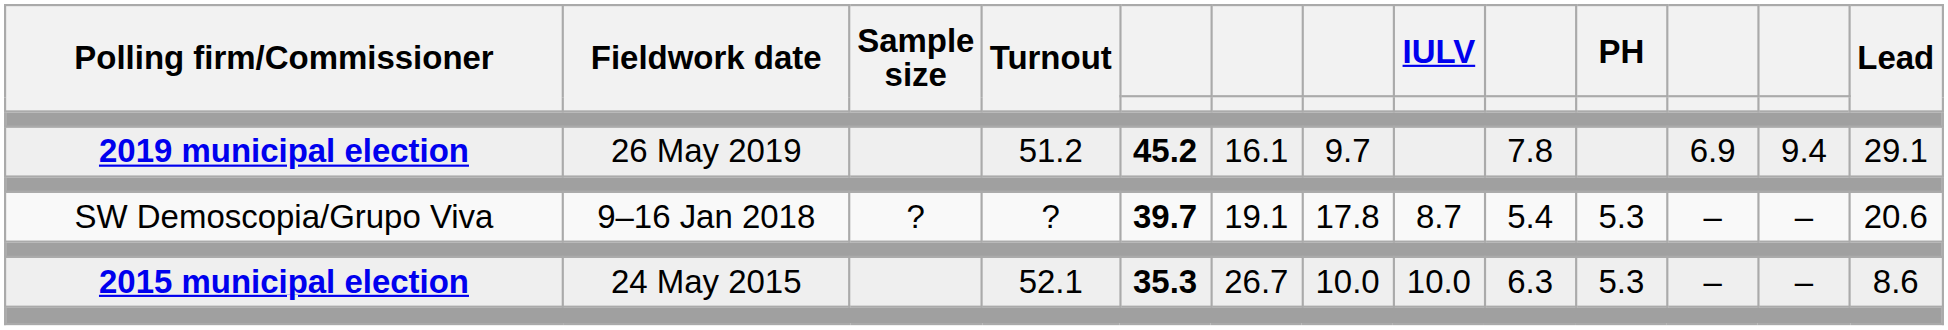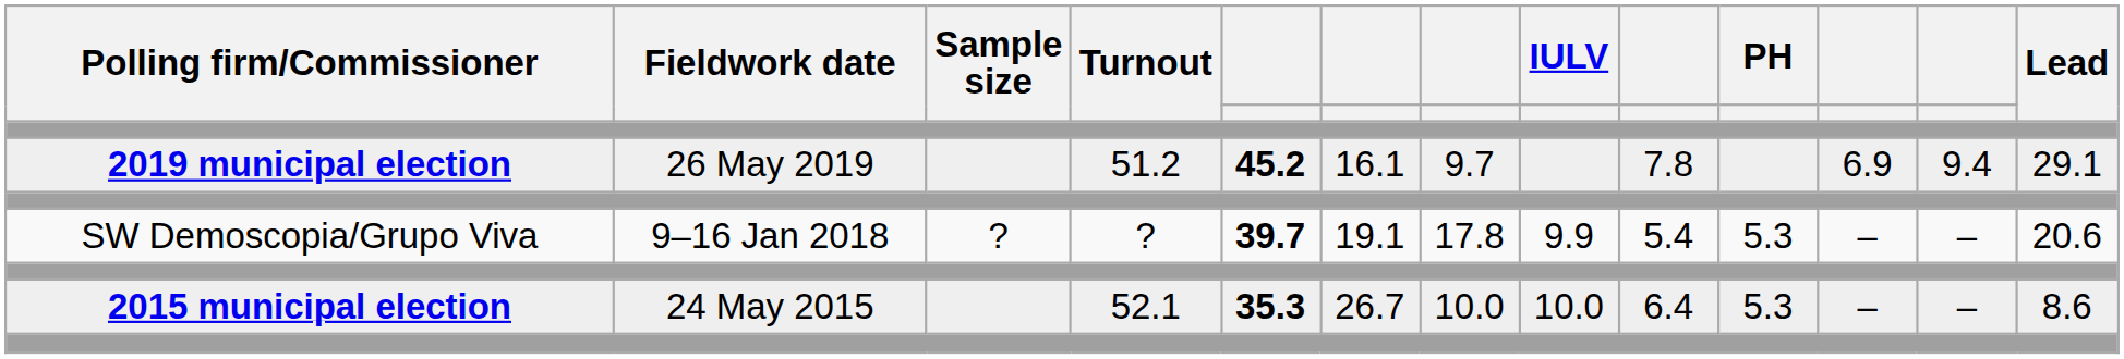 <table class="wikitable collapsible collapsed" style="text-align:center; font-size:95%; line-height:16px;">
 <tr style="height:42px;">
 <th style="width:250px;" rowspan="2">Polling firm/Commissioner</th>
 <th style="width:125px;" rowspan="2">Fieldwork date</th>
 <th style="width:50px;" rowspan="2">Sample size</th>
 <th style="width:45px;" rowspan="2">Turnout</th>
 <th style="width:35px;"></th>
 <th style="width:35px;"></th>
 <th style="width:35px;"></th>
 <th style="width:35px;"><a href='#'>IULV</a></th>
 <th style="width:35px;"></th>
 <th style="width:35px;">PH</th>
 <th style="width:35px;"></th>
 <th style="width:35px;"></th>
 <th style="width:30px;" rowspan="2">Lead</th>
 </tr>
 <tr>
 <th style="color:inherit;background:"></th>
 <th style="color:inherit;background:"></th>
 <th style="color:inherit;background:"></th>
 <th style="color:inherit;background:"></th>
 <th style="color:inherit;background:"></th>
 <th style="color:inherit;background:"></th>
 <th style="color:inherit;background:"></th>
 <th style="color:inherit;background:"></th>
 </tr>
 <tr>
 <td colspan="13" style="background:#A0A0A0"></td>
 </tr>
 <tr style="background:#EFEFEF;">
 <td><strong><a href='#'>2019 municipal election</a></strong></td>
 <td>26 May 2019</td>
 <td></td>
 <td>51.2</td>
 <td><strong>45.2</strong><br></td>
 <td>16.1<br></td>
 <td>9.7<br></td>
 <td></td>
 <td>7.8<br></td>
 <td></td>
 <td>6.9<br></td>
 <td>9.4<br></td>
 <td style="background:">29.1</td>
 </tr>
 <tr>
 <td colspan="13" style="background:#A0A0A0"></td>
 </tr>
 <tr>
 <td>SW Demoscopia/Grupo Viva</td>
 <td>9–16 Jan 2018</td>
 <td>?</td>
 <td>?</td>
 <td><strong>39.7</strong><br></td>
 <td>19.1<br></td>
 <td>17.8<br></td>
-<td>8.7<br></td>
+<td>9.9<br></td>
 <td>5.4<br></td>
 <td>5.3<br></td>
 <td>–</td>
 <td>–</td>
 <td style="background:">20.6</td>
 </tr>
 <tr>
 <td colspan="13" style="background:#A0A0A0"></td>
 </tr>
 <tr style="background:#EFEFEF;">
 <td><strong><a href='#'>2015 municipal election</a></strong></td>
 <td>24 May 2015</td>
 <td></td>
 <td>52.1</td>
 <td><strong>35.3</strong><br></td>
 <td>26.7<br></td>
 <td>10.0<br></td>
 <td>10.0<br></td>
-<td>6.3<br></td>
+<td>6.4<br></td>
 <td>5.3<br></td>
 <td>–</td>
 <td>–</td>
 <td style="background:">8.6</td>
 </tr>
 <tr>
 <td colspan="13" style="background:#A0A0A0"></td>
 </tr>
 </table>
